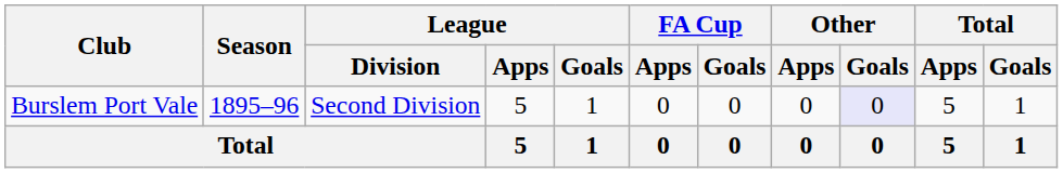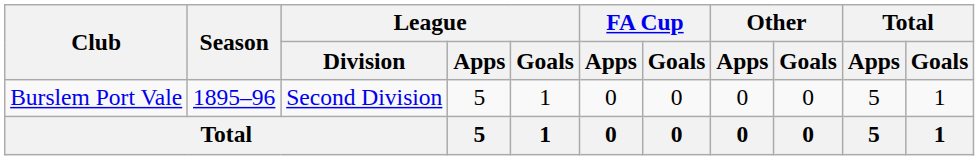 <table class="wikitable" style="text-align:center">
 <tr>
 <th rowspan="2">Club</th>
 <th rowspan="2">Season</th>
 <th colspan="3">League</th>
 <th colspan="2"><a href='#'>FA Cup</a></th>
 <th colspan="2">Other</th>
 <th colspan="2">Total</th>
 </tr>
 <tr>
 <th>Division</th>
 <th>Apps</th>
 <th>Goals</th>
 <th>Apps</th>
 <th>Goals</th>
 <th>Apps</th>
 <th>Goals</th>
 <th>Apps</th>
 <th>Goals</th>
 </tr>
 <tr>
 <td><a href='#'>Burslem Port Vale</a></td>
 <td><a href='#'>1895–96</a></td>
 <td><a href='#'>Second Division</a></td>
 <td>5</td>
 <td>1</td>
 <td>0</td>
 <td>0</td>
 <td>0</td>
-<td style="background: lavender;">0</td>
+<td>0</td>
 <td>5</td>
 <td>1</td>
 </tr>
 <tr>
 <th colspan="3">Total</th>
 <th>5</th>
 <th>1</th>
 <th>0</th>
 <th>0</th>
 <th>0</th>
 <th>0</th>
 <th>5</th>
 <th>1</th>
 </tr>
 </table>
